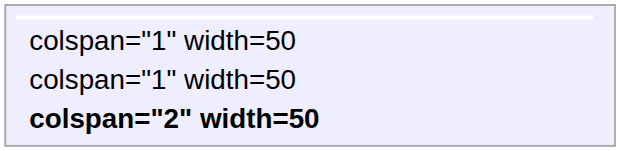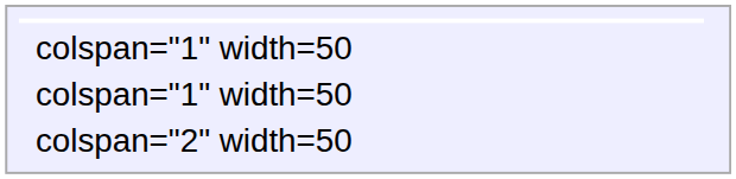 <table class="infobox" style="width:22em; text-align:left; font-size:90%; vertical-align:middle; background:#eef;">
 <tr style="background:white;">
 <td colspan="2" style="text-align:center;"></td>
 </tr>
 <tr>
 <td></td>
 <td>colspan="1" width=50 </td>
 <td></td>
 </tr>
 <tr>
 <td></td>
 <td>colspan="1" width=50 </td>
 <td></td>
 </tr>
 <tr>
 <td></td>
-<td><strong>colspan="2" width=50 </strong></td>
+<td>colspan="2" width=50 </td>
 </tr>
 </table>
